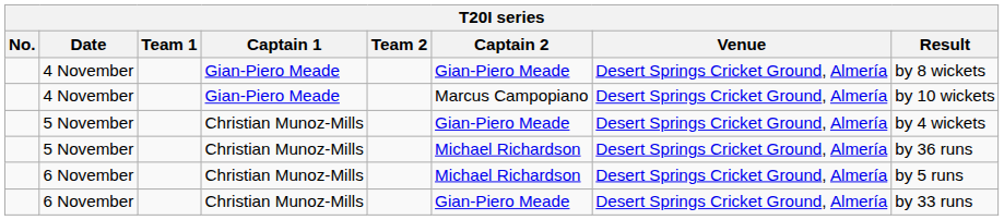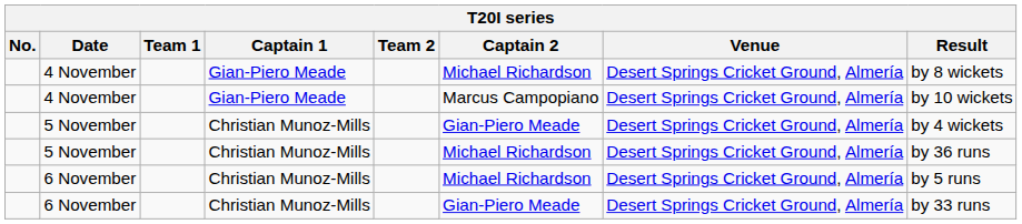 <table class="wikitable">
 <tr>
 <th colspan="8">T20I series</th>
 </tr>
 <tr>
 <th>No.</th>
 <th>Date</th>
 <th>Team 1</th>
 <th>Captain 1</th>
 <th>Team 2</th>
 <th>Captain 2</th>
 <th>Venue</th>
 <th>Result</th>
 </tr>
 <tr>
 <td></td>
 <td>4 November</td>
 <td></td>
 <td><a href='#'>Gian-Piero Meade</a></td>
 <td></td>
-<td><a href='#'>Gian-Piero Meade</a></td>
+<td><a href='#'>Michael Richardson</a></td>
 <td><a href='#'>Desert Springs Cricket Ground</a>, <a href='#'>Almería</a></td>
 <td> by 8 wickets</td>
 </tr>
 <tr>
 <td></td>
 <td>4 November</td>
 <td></td>
 <td><a href='#'>Gian-Piero Meade</a></td>
 <td></td>
 <td>Marcus Campopiano</td>
 <td><a href='#'>Desert Springs Cricket Ground</a>, <a href='#'>Almería</a></td>
 <td> by 10 wickets</td>
 </tr>
 <tr>
 <td></td>
 <td>5 November</td>
 <td></td>
 <td>Christian Munoz-Mills</td>
 <td></td>
 <td><a href='#'>Gian-Piero Meade</a></td>
 <td><a href='#'>Desert Springs Cricket Ground</a>, <a href='#'>Almería</a></td>
 <td> by 4 wickets</td>
 </tr>
 <tr>
 <td></td>
 <td>5 November</td>
 <td></td>
 <td>Christian Munoz-Mills</td>
 <td></td>
 <td><a href='#'>Michael Richardson</a></td>
 <td><a href='#'>Desert Springs Cricket Ground</a>, <a href='#'>Almería</a></td>
 <td> by 36 runs</td>
 </tr>
 <tr>
 <td></td>
 <td>6 November</td>
 <td></td>
 <td>Christian Munoz-Mills</td>
 <td></td>
 <td><a href='#'>Michael Richardson</a></td>
 <td><a href='#'>Desert Springs Cricket Ground</a>, <a href='#'>Almería</a></td>
 <td> by 5 runs</td>
 </tr>
 <tr>
 <td></td>
 <td>6 November</td>
 <td></td>
 <td>Christian Munoz-Mills</td>
 <td></td>
 <td><a href='#'>Gian-Piero Meade</a></td>
 <td><a href='#'>Desert Springs Cricket Ground</a>, <a href='#'>Almería</a></td>
 <td> by 33 runs</td>
 </tr>
 </table>
